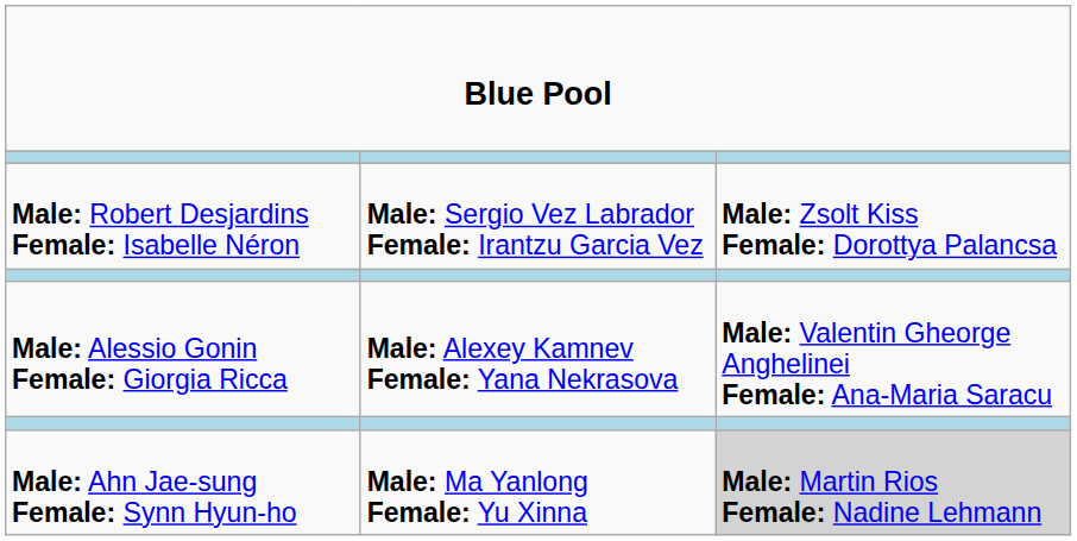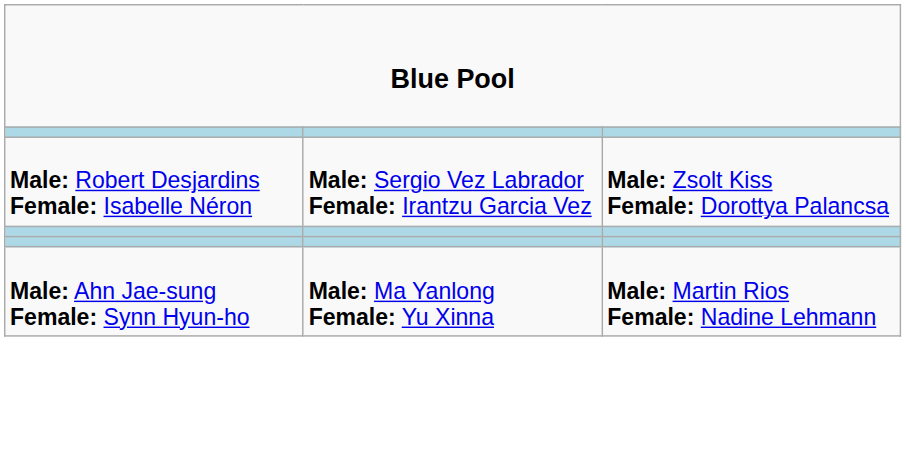 <table class="wikitable">
 <tr>
 <td align=center colspan="3"><br><h3>Blue Pool</h3></td>
 </tr>
 <tr>
 <th style="background: #ADD8E6;" width="200"></th>
 <th style="background: #ADD8E6;" width="200"></th>
 <th style="background: #ADD8E6;" width="200"></th>
 </tr>
 <tr>
 <td><br><strong>Male:</strong> <a href='#'>Robert Desjardins</a><br> <strong>Female:</strong> <a href='#'>Isabelle Néron</a></td>
 <td><br><strong>Male:</strong> <a href='#'>Sergio Vez Labrador</a><br> <strong>Female:</strong> <a href='#'>Irantzu Garcia Vez</a></td>
 <td><br><strong>Male:</strong> <a href='#'>Zsolt Kiss</a><br> <strong>Female:</strong> <a href='#'>Dorottya Palancsa</a></td>
 </tr>
 <tr>
 <th style="background: #ADD8E6;" width="200"></th>
 <th style="background: #ADD8E6;" width="200"></th>
 <th style="background: #ADD8E6;" width="200"></th>
 </tr>
 <tr>
-<td><br><strong>Male:</strong> <a href='#'>Alessio Gonin</a><br> <strong>Female:</strong> <a href='#'>Giorgia Ricca</a></td>
-<td><br><strong>Male:</strong> <a href='#'>Alexey Kamnev</a><br> <strong>Female:</strong> <a href='#'>Yana Nekrasova</a></td>
-<td><br><strong>Male:</strong> <a href='#'>Valentin Gheorge Anghelinei</a><br> <strong>Female:</strong> <a href='#'>Ana-Maria Saracu</a></td>
-</tr>
-<tr>
 <th style="background: #ADD8E6;" width="200"></th>
 <th style="background: #ADD8E6;" width="200"></th>
 <th style="background: #ADD8E6;" width="200"></th>
 </tr>
 <tr>
 <td><br><strong>Male:</strong> <a href='#'>Ahn Jae-sung</a><br> <strong>Female:</strong> <a href='#'>Synn Hyun-ho</a></td>
 <td><br><strong>Male:</strong> <a href='#'>Ma Yanlong</a><br> <strong>Female:</strong> <a href='#'>Yu Xinna</a></td>
-<td style="background: lightgrey;"><br><strong>Male:</strong> <a href='#'>Martin Rios</a><br> <strong>Female:</strong> <a href='#'>Nadine Lehmann</a></td>
+<td><br><strong>Male:</strong> <a href='#'>Martin Rios</a><br> <strong>Female:</strong> <a href='#'>Nadine Lehmann</a></td>
 </tr>
 </table>
